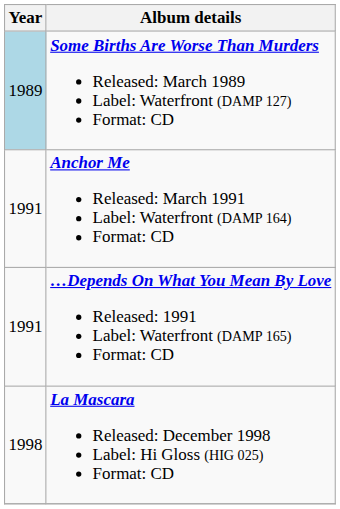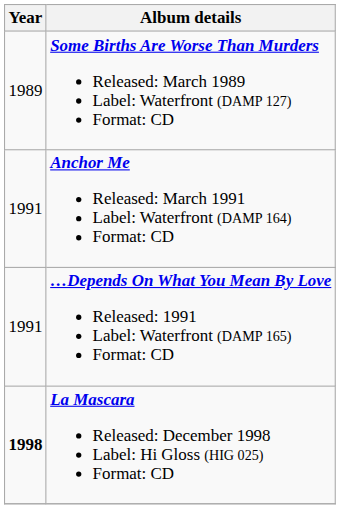 <table class="wikitable" border="1">
 <tr>
 <th>Year</th>
 <th>Album details</th>
 </tr>
 <tr>
-<td style="background: lightblue;">1989</td>
+<td>1989</td>
 <td><strong><em><a href='#'>Some Births Are Worse Than Murders</a></em></strong><br><ul><li>Released: March 1989</li><li>Label: Waterfront <small>(DAMP 127)</small></li><li>Format: CD</li></ul></td>
 </tr>
 <tr>
 <td>1991</td>
 <td><strong><em><a href='#'>Anchor Me</a></em></strong><br><ul><li>Released: March 1991</li><li>Label: Waterfront <small>(DAMP 164)</small></li><li>Format: CD</li></ul></td>
 </tr>
 <tr>
 <td>1991</td>
 <td><strong><em><a href='#'>…Depends On What You Mean By Love</a></em></strong><br><ul><li>Released: 1991</li><li>Label: Waterfront <small>(DAMP 165)</small></li><li>Format: CD</li></ul></td>
 </tr>
 <tr>
-<td>1998</td>
+<td><strong>1998</strong></td>
 <td><strong><em><a href='#'>La Mascara</a></em></strong><br><ul><li>Released: December 1998</li><li>Label: Hi Gloss <small>(HIG 025)</small></li><li>Format: CD</li></ul></td>
 </tr>
 <tr>
 </tr>
 </table>
